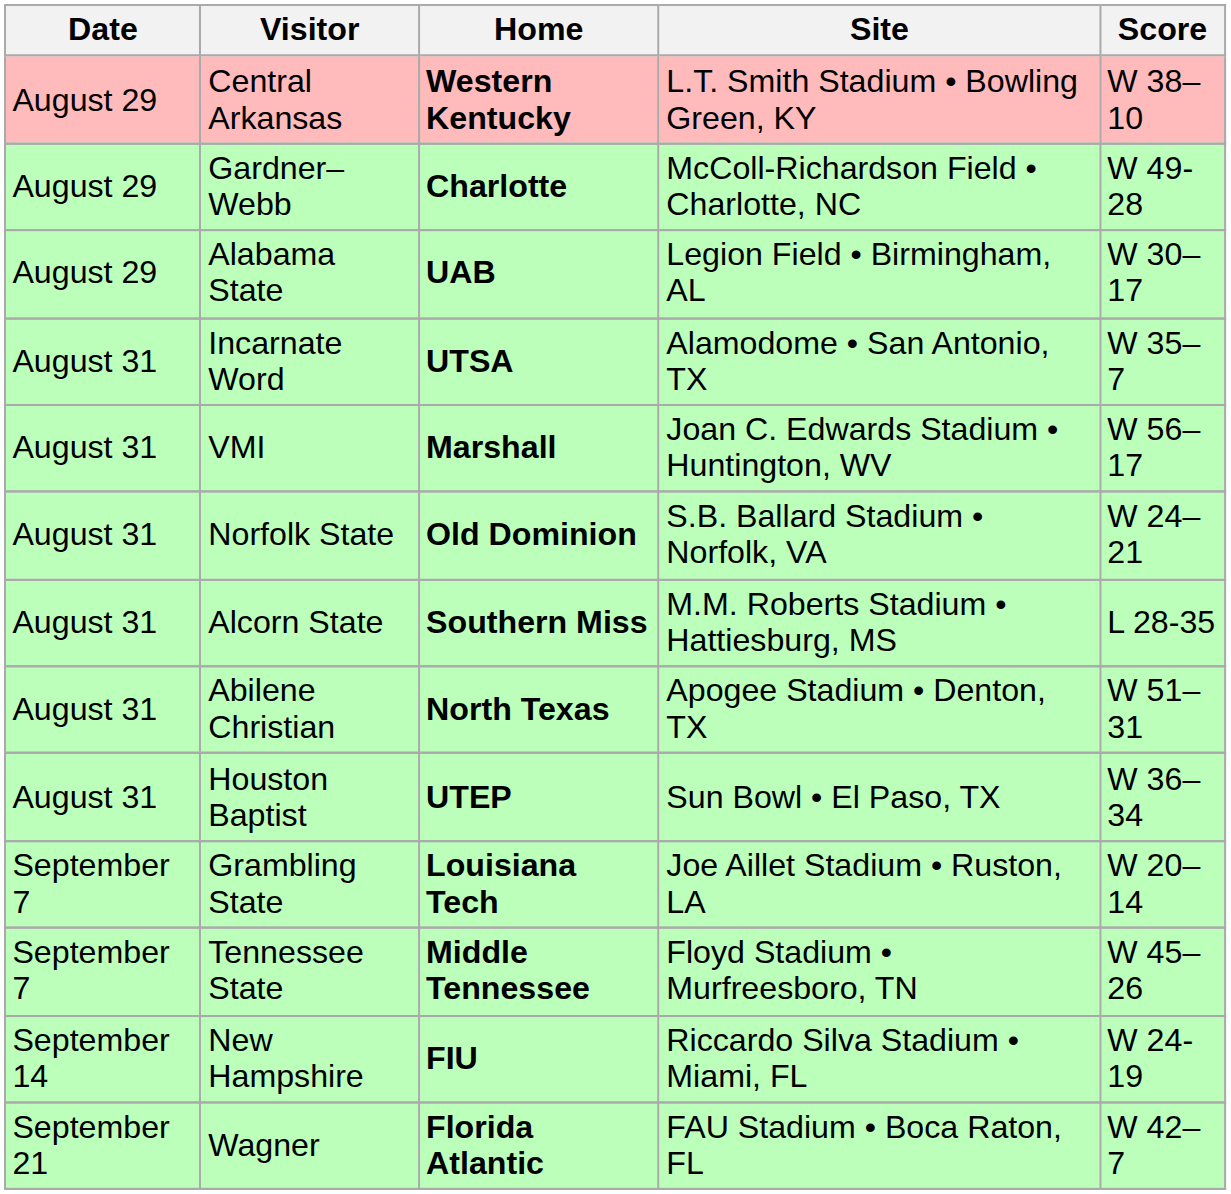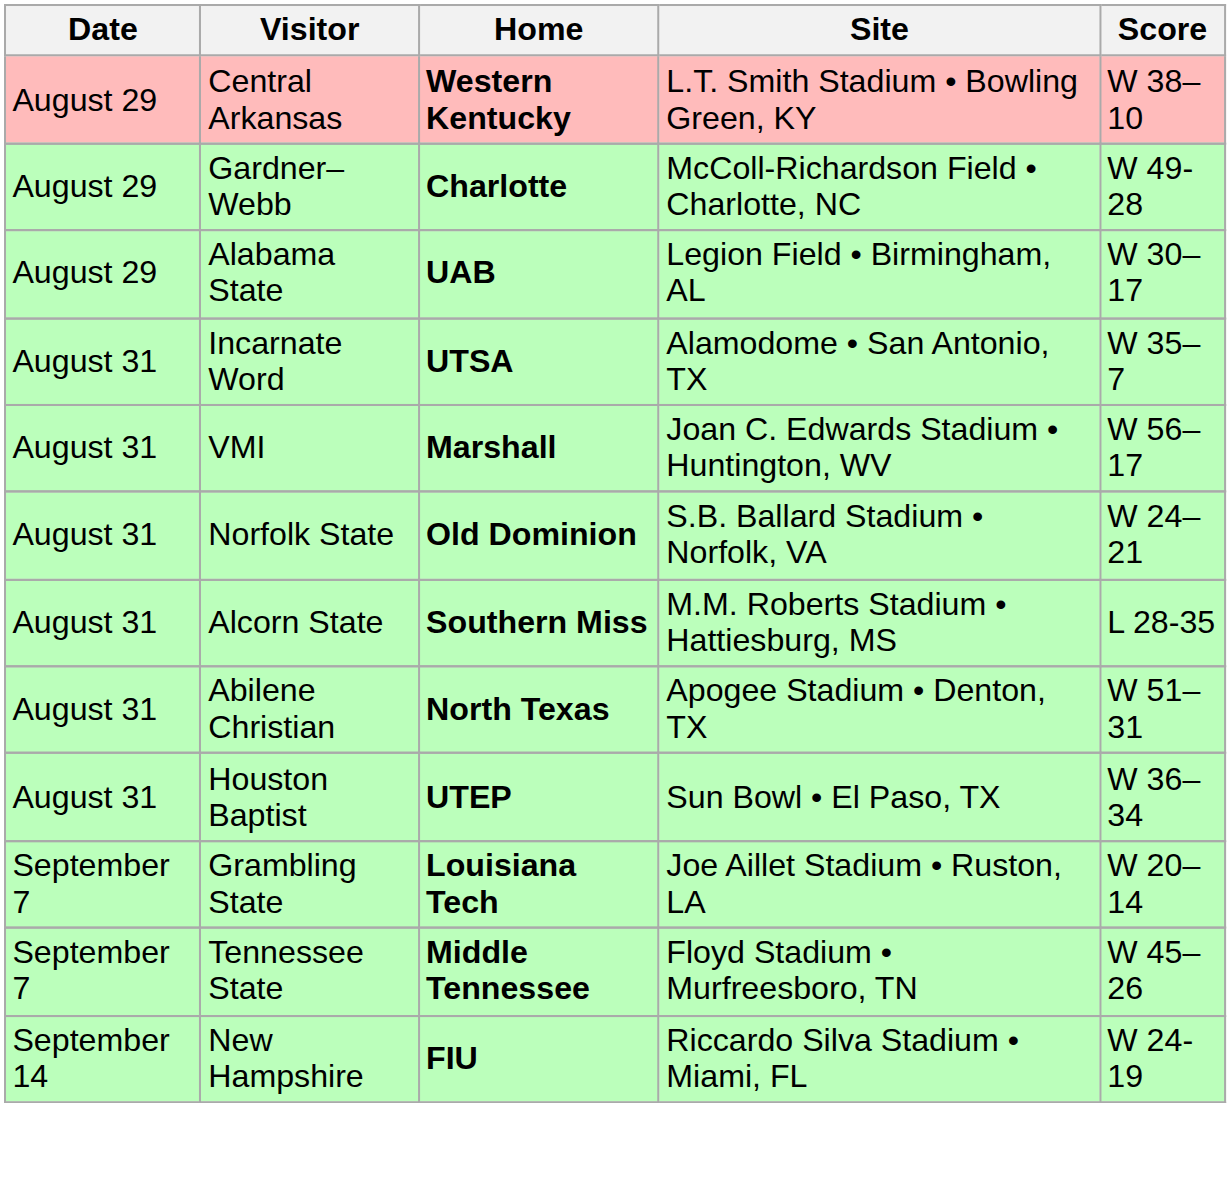 <table class="wikitable">
 <tr>
 <th>Date</th>
 <th>Visitor</th>
 <th>Home</th>
 <th>Site</th>
 <th>Score</th>
 </tr>
 <tr style="background:#fbb;">
 <td>August 29</td>
 <td>Central Arkansas</td>
 <td><strong>Western Kentucky</strong></td>
 <td>L.T. Smith Stadium • Bowling Green, KY</td>
 <td>W 38–10</td>
 </tr>
 <tr>
 </tr>
 <tr style="background:#bfb;">
 <td>August 29</td>
 <td>Gardner–Webb</td>
 <td><strong>Charlotte</strong></td>
 <td>McColl-Richardson Field • Charlotte, NC</td>
 <td>W 49-28</td>
 </tr>
 <tr>
 </tr>
 <tr style="background:#bfb;">
 <td>August 29</td>
 <td>Alabama State</td>
 <td><strong>UAB</strong></td>
 <td>Legion Field • Birmingham, AL</td>
 <td>W 30–17</td>
 </tr>
 <tr>
 </tr>
 <tr style="background:#bfb">
 <td>August 31</td>
 <td>Incarnate Word</td>
 <td><strong>UTSA</strong></td>
 <td>Alamodome • San Antonio, TX</td>
 <td>W 35–7</td>
 </tr>
 <tr>
 </tr>
 <tr style="background:#bfb">
 <td>August 31</td>
 <td>VMI</td>
 <td><strong>Marshall</strong></td>
 <td>Joan C. Edwards Stadium • Huntington, WV</td>
 <td>W 56–17</td>
 </tr>
 <tr>
 </tr>
 <tr style="background:#bfb">
 <td>August 31</td>
 <td>Norfolk State</td>
 <td><strong>Old Dominion</strong></td>
 <td>S.B. Ballard Stadium • Norfolk, VA</td>
 <td>W 24–21</td>
 </tr>
 <tr>
 </tr>
 <tr style="background:#bfb">
 <td>August 31</td>
 <td>Alcorn State</td>
 <td><strong>Southern Miss</strong></td>
 <td>M.M. Roberts Stadium • Hattiesburg, MS</td>
 <td>L 28-35</td>
 </tr>
 <tr>
 </tr>
 <tr style="background:#bfb">
 <td>August 31</td>
 <td>Abilene Christian</td>
 <td><strong>North Texas</strong></td>
 <td>Apogee Stadium • Denton, TX</td>
 <td>W 51–31</td>
 </tr>
 <tr>
 </tr>
 <tr style="background:#bfb">
 <td>August 31</td>
 <td>Houston Baptist</td>
 <td><strong>UTEP</strong></td>
 <td>Sun Bowl • El Paso, TX</td>
 <td>W 36–34</td>
 </tr>
 <tr>
 </tr>
 <tr style="background:#bfb">
 <td>September 7</td>
 <td>Grambling State</td>
 <td><strong>Louisiana Tech</strong></td>
 <td>Joe Aillet Stadium • Ruston, LA</td>
 <td>W 20–14</td>
 </tr>
 <tr>
 </tr>
 <tr style="background:#bfb">
 <td>September 7</td>
 <td>Tennessee State</td>
 <td><strong>Middle Tennessee</strong></td>
 <td>Floyd Stadium • Murfreesboro, TN</td>
 <td>W 45–26</td>
 </tr>
 <tr>
 </tr>
 <tr style="background:#bfb">
 <td>September 14</td>
 <td>New Hampshire</td>
 <td><strong>FIU</strong></td>
 <td>Riccardo Silva Stadium • Miami, FL</td>
 <td>W 24-19</td>
 </tr>
 <tr>
 </tr>
-<tr style="background:#bfb">
-<td>September 21</td>
-<td>Wagner</td>
-<td><strong>Florida Atlantic</strong></td>
-<td>FAU Stadium • Boca Raton, FL</td>
-<td>W 42–7</td>
-</tr>
 <tr>
 </tr>
 </table>
